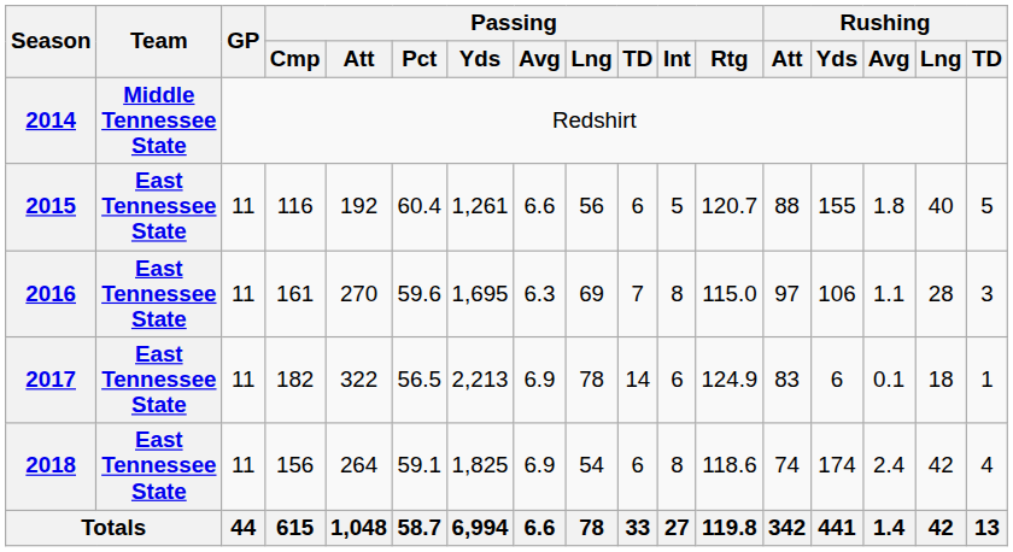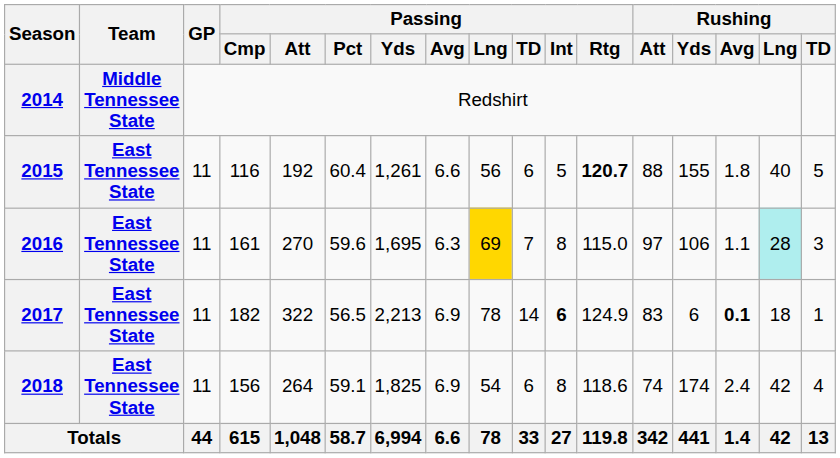 <table class=wikitable style="text-align:center;">
 <tr>
 <th rowspan="2">Season</th>
 <th rowspan="2">Team</th>
 <th rowspan="2">GP</th>
 <th colspan="9">Passing</th>
 <th colspan="5">Rushing</th>
 </tr>
 <tr>
 <th>Cmp</th>
 <th>Att</th>
 <th>Pct</th>
 <th>Yds</th>
 <th>Avg</th>
 <th>Lng</th>
 <th>TD</th>
 <th>Int</th>
 <th>Rtg</th>
 <th>Att</th>
 <th>Yds</th>
 <th>Avg</th>
 <th>Lng</th>
 <th>TD</th>
 </tr>
 <tr>
 <th><a href='#'>2014</a></th>
 <th><a href='#'>Middle Tennessee State</a></th>
 <td colspan=14 style="text-align:center;">Redshirt</td>
 </tr>
 <tr>
 <th><a href='#'>2015</a></th>
 <th><a href='#'>East Tennessee State</a></th>
 <td>11</td>
 <td>116</td>
 <td>192</td>
 <td>60.4</td>
 <td>1,261</td>
 <td>6.6</td>
 <td>56</td>
 <td>6</td>
 <td>5</td>
-<td>120.7</td>
+<td><strong>120.7</strong></td>
 <td>88</td>
 <td>155</td>
 <td>1.8</td>
 <td>40</td>
 <td>5</td>
 </tr>
 <tr>
 <th><a href='#'>2016</a></th>
 <th><a href='#'>East Tennessee State</a></th>
 <td>11</td>
 <td>161</td>
 <td>270</td>
 <td>59.6</td>
 <td>1,695</td>
 <td>6.3</td>
-<td>69</td>
+<td style="background: gold;">69</td>
 <td>7</td>
 <td>8</td>
 <td>115.0</td>
 <td>97</td>
 <td>106</td>
 <td>1.1</td>
-<td>28</td>
+<td style="background: paleturquoise;">28</td>
 <td>3</td>
 </tr>
 <tr>
 <th><a href='#'>2017</a></th>
 <th><a href='#'>East Tennessee State</a></th>
 <td>11</td>
 <td>182</td>
 <td>322</td>
 <td>56.5</td>
 <td>2,213</td>
 <td>6.9</td>
 <td>78</td>
 <td>14</td>
-<td>6</td>
+<td><strong>6</strong></td>
 <td>124.9</td>
 <td>83</td>
 <td>6</td>
-<td>0.1</td>
+<td><strong>0.1</strong></td>
 <td>18</td>
 <td>1</td>
 </tr>
 <tr>
 <th><a href='#'>2018</a></th>
 <th><a href='#'>East Tennessee State</a></th>
 <td>11</td>
 <td>156</td>
 <td>264</td>
 <td>59.1</td>
 <td>1,825</td>
 <td>6.9</td>
 <td>54</td>
 <td>6</td>
 <td>8</td>
 <td>118.6</td>
 <td>74</td>
 <td>174</td>
 <td>2.4</td>
 <td>42</td>
 <td>4</td>
 </tr>
 <tr>
 <th colspan="2">Totals</th>
 <th>44</th>
 <th>615</th>
 <th>1,048</th>
 <th>58.7</th>
 <th>6,994</th>
 <th>6.6</th>
 <th>78</th>
 <th>33</th>
 <th>27</th>
 <th>119.8</th>
 <th>342</th>
 <th>441</th>
 <th>1.4</th>
 <th>42</th>
 <th>13</th>
 </tr>
 </table>
